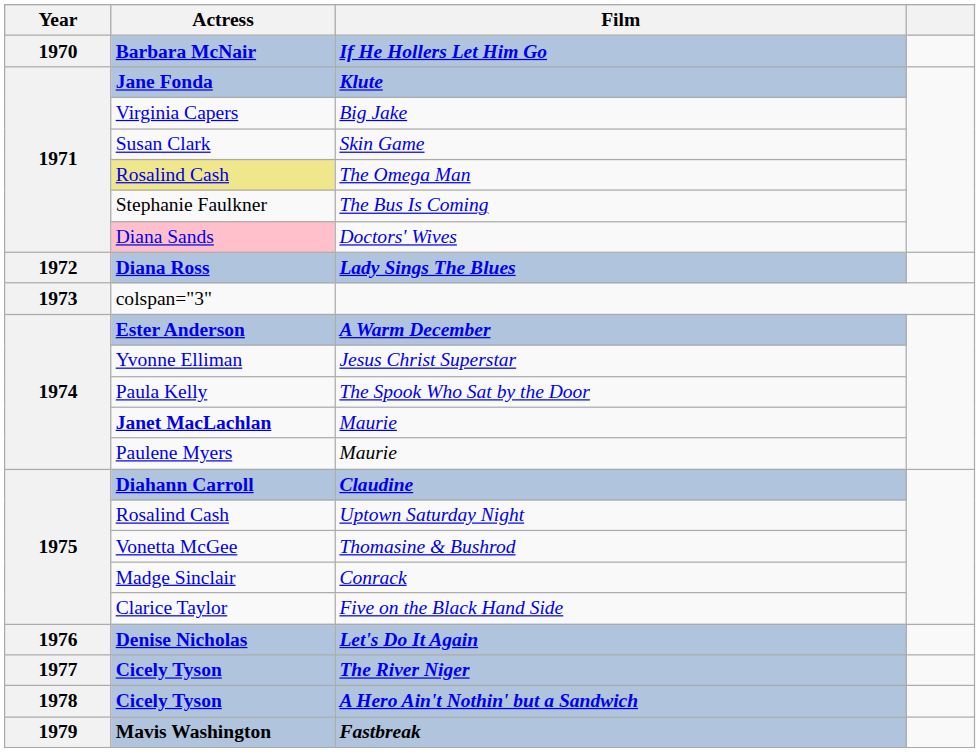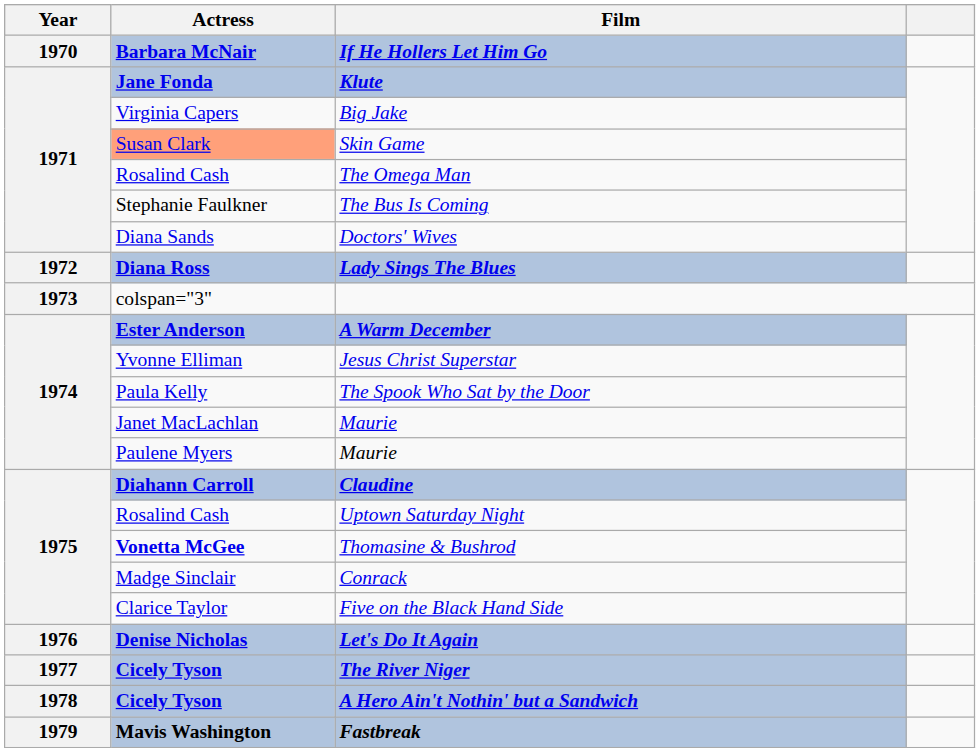 <table class="wikitable" style="width:90%;">
 <tr style="background:#bebebe;">
 <th scope="col" style="width:5em;">Year</th>
 <th scope="col" style="width:11em;">Actress</th>
 <th scope="col">Film</th>
 <th scope="col" style="width:3em;"></th>
 </tr>
 <tr>
 <th scope="row">1970</th>
 <td style="background:#B0C4DE; font-weight:bold;"><a href='#'>Barbara McNair</a></td>
 <td style="background:#B0C4DE; font-weight:bold;"><em><a href='#'>If He Hollers Let Him Go</a></em></td>
 <td style="text-align:center;"></td>
 </tr>
 <tr>
 <th scope="row" rowspan="6">1971</th>
 <td style="background:#B0C4DE; font-weight:bold;"><a href='#'>Jane Fonda</a></td>
 <td style="background:#B0C4DE; font-weight:bold;"><em><a href='#'>Klute</a> </em></td>
 <td rowspan="6" style="text-align:center;"></td>
 </tr>
 <tr>
 <td><a href='#'>Virginia Capers</a></td>
 <td><em><a href='#'>Big Jake</a></em></td>
 </tr>
 <tr>
-<td><a href='#'>Susan Clark</a></td>
+<td style="background: lightsalmon;"><a href='#'>Susan Clark</a></td>
 <td><em><a href='#'>Skin Game</a></em></td>
 </tr>
 <tr>
-<td style="background: khaki;"><a href='#'>Rosalind Cash</a></td>
+<td><a href='#'>Rosalind Cash</a></td>
 <td><em><a href='#'>The Omega Man</a></em></td>
 </tr>
 <tr>
 <td>Stephanie Faulkner</td>
 <td><em><a href='#'>The Bus Is Coming</a></em></td>
 </tr>
 <tr>
-<td style="background: pink;"><a href='#'>Diana Sands</a></td>
+<td><a href='#'>Diana Sands</a></td>
 <td><em><a href='#'>Doctors' Wives</a></em></td>
 </tr>
 <tr>
 <th scope="row">1972</th>
 <td style="background:#B0C4DE; font-weight:bold;"><a href='#'>Diana Ross</a></td>
 <td style="background:#B0C4DE; font-weight:bold;"><em><a href='#'>Lady Sings The Blues</a></em></td>
 <td style="text-align:center;"></td>
 </tr>
 <tr>
 <th scope="row">1973</th>
 <td>colspan="3" </td>
 </tr>
 <tr>
 <th scope="row" rowspan="5">1974</th>
 <td style="background:#B0C4DE; font-weight:bold;"><a href='#'>Ester Anderson</a></td>
 <td style="background:#B0C4DE; font-weight:bold;"><em><a href='#'>A Warm December</a></em></td>
 <td rowspan="5" style="text-align:center;"></td>
 </tr>
 <tr>
 <td><a href='#'>Yvonne Elliman</a></td>
 <td><em><a href='#'>Jesus Christ Superstar</a></em></td>
 </tr>
 <tr>
 <td><a href='#'>Paula Kelly</a></td>
 <td><em><a href='#'>The Spook Who Sat by the Door</a></em></td>
 </tr>
 <tr>
-<td><strong><a href='#'>Janet MacLachlan</a></strong></td>
+<td><a href='#'>Janet MacLachlan</a></td>
 <td><em><a href='#'>Maurie</a></em></td>
 </tr>
 <tr>
 <td><a href='#'>Paulene Myers</a></td>
 <td><em>Maurie</em></td>
 </tr>
 <tr>
 <th scope="row" rowspan="5">1975</th>
 <td style="background:#B0C4DE; font-weight:bold;"><a href='#'>Diahann Carroll</a></td>
 <td style="background:#B0C4DE; font-weight:bold;"><em><a href='#'>Claudine</a></em></td>
 <td rowspan="5" style="text-align:center;"></td>
 </tr>
 <tr>
 <td><a href='#'>Rosalind Cash</a></td>
 <td><em><a href='#'>Uptown Saturday Night</a></em></td>
 </tr>
 <tr>
-<td><a href='#'>Vonetta McGee</a></td>
+<td><strong><a href='#'>Vonetta McGee</a></strong></td>
 <td><em><a href='#'>Thomasine & Bushrod</a></em></td>
 </tr>
 <tr>
 <td><a href='#'>Madge Sinclair</a></td>
 <td><em><a href='#'>Conrack</a></em></td>
 </tr>
 <tr>
 <td><a href='#'>Clarice Taylor</a></td>
 <td><em><a href='#'>Five on the Black Hand Side</a></em></td>
 </tr>
 <tr>
 <th scope="row">1976</th>
 <td style="background:#B0C4DE; font-weight:bold;"><a href='#'>Denise Nicholas</a></td>
 <td style="background:#B0C4DE; font-weight:bold;"><em><a href='#'>Let's Do It Again</a></em></td>
 <td style="text-align:center;"></td>
 </tr>
 <tr>
 <th scope="row">1977</th>
 <td style="background:#B0C4DE; font-weight:bold;"><a href='#'>Cicely Tyson</a></td>
 <td style="background:#B0C4DE; font-weight:bold;"><em><a href='#'>The River Niger</a></em></td>
 <td style="text-align:center;"></td>
 </tr>
 <tr>
 <th scope="row">1978</th>
 <td style="background:#B0C4DE; font-weight:bold;"><a href='#'>Cicely Tyson</a></td>
 <td style="background:#B0C4DE; font-weight:bold;"><em><a href='#'>A Hero Ain't Nothin' but a Sandwich</a></em></td>
 <td style="text-align:center;"></td>
 </tr>
 <tr>
 <th scope="row">1979</th>
 <td style="background:#B0C4DE; font-weight:bold;">Mavis Washington</td>
 <td style="background:#B0C4DE; font-weight:bold;"><em>Fastbreak</em></td>
 <td style="text-align:center;"></td>
 </tr>
 </table>
